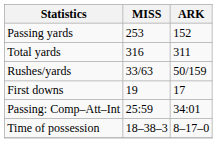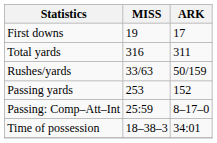 <table class="wikitable" style="float: left;">
 <tr>
 <th>Statistics</th>
 <th>MISS</th>
 <th>ARK</th>
 </tr>
 <tr>
-<td>Passing yards</td>
-<td>253</td>
-<td>152</td>
+<td>First downs</td>
+<td>19</td>
+<td>17</td>
 </tr>
 <tr>
 <td>Total yards</td>
 <td>316</td>
 <td>311</td>
 </tr>
 <tr>
 <td>Rushes/yards</td>
 <td>33/63</td>
 <td>50/159</td>
 </tr>
 <tr>
-<td>First downs</td>
-<td>19</td>
-<td>17</td>
+<td>Passing yards</td>
+<td>253</td>
+<td>152</td>
 </tr>
 <tr>
 <td>Passing: Comp–Att–Int</td>
 <td>25:59</td>
-<td>34:01</td>
+<td>8–17–0</td>
 </tr>
 <tr>
 <td>Time of possession</td>
 <td>18–38–3</td>
-<td>8–17–0</td>
+<td>34:01</td>
 </tr>
 <tr>
 </tr>
 </table>
